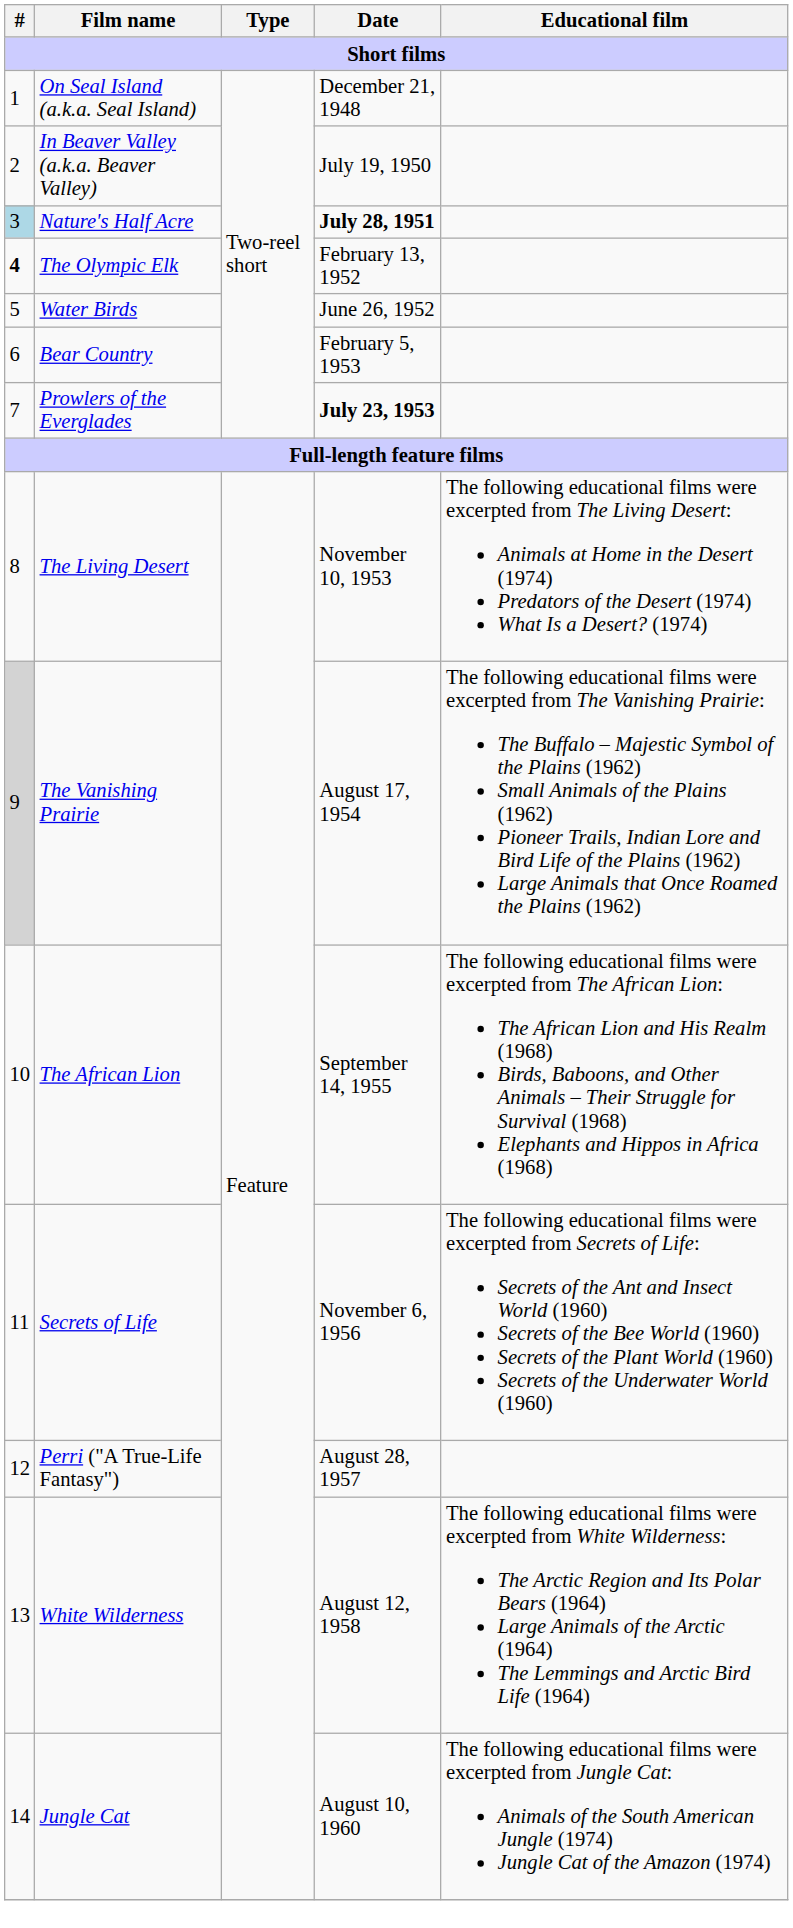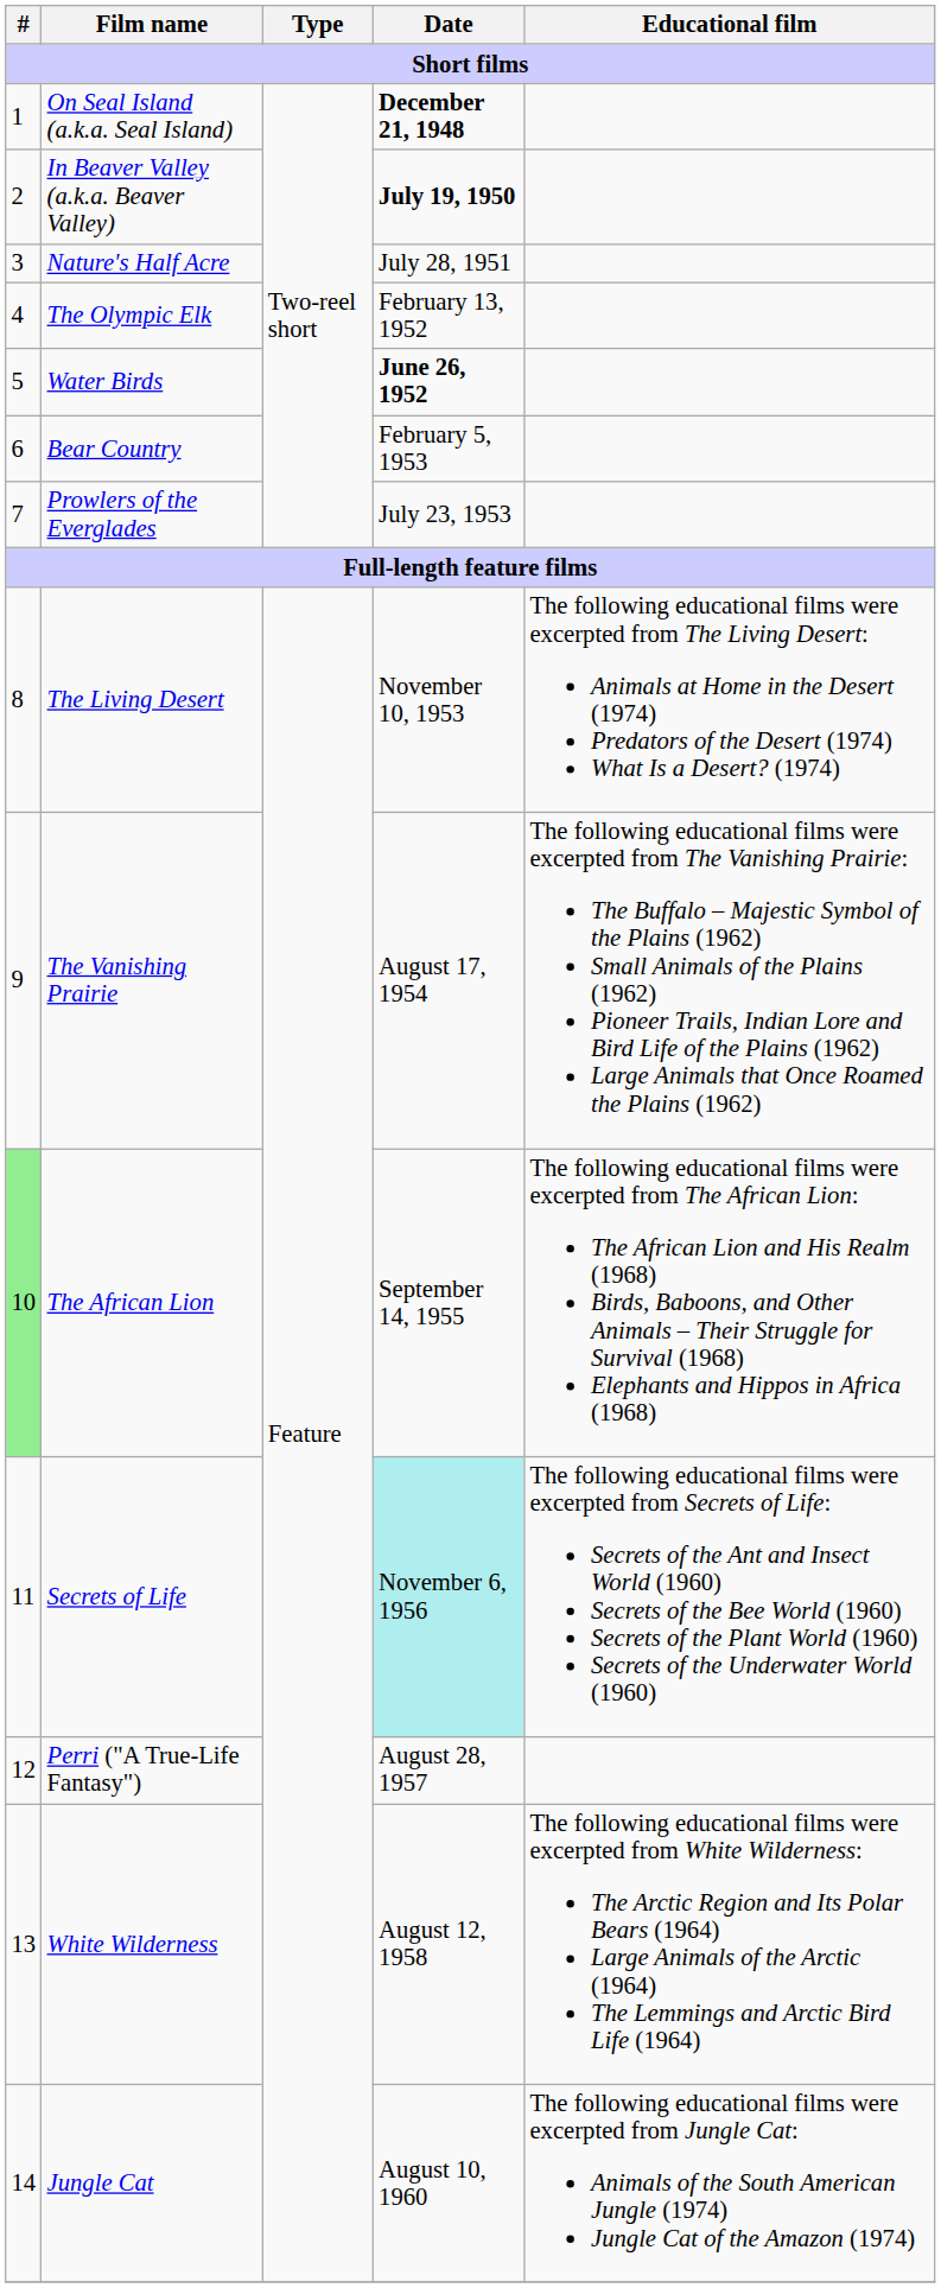 <table class="wikitable">
 <tr>
 <th>#</th>
 <th>Film name</th>
 <th>Type</th>
 <th>Date</th>
 <th>Educational film</th>
 </tr>
 <tr>
 <th colspan="5" style="width:10px; background-color:#ccccff;">Short films</th>
 </tr>
 <tr>
 <td>1</td>
 <td><em><a href='#'>On Seal Island</a> (a.k.a. Seal Island)</em></td>
 <td rowspan="7">Two-reel short</td>
-<td>December 21, 1948</td>
+<td><strong>December 21, 1948</strong></td>
 <td></td>
 </tr>
 <tr>
 <td>2</td>
 <td><em><a href='#'>In Beaver Valley</a> (a.k.a. Beaver Valley)</em></td>
-<td>July 19, 1950</td>
+<td><strong>July 19, 1950</strong></td>
 <td></td>
 </tr>
 <tr>
-<td style="background: lightblue;">3</td>
+<td>3</td>
 <td><em><a href='#'>Nature's Half Acre</a></em></td>
-<td><strong>July 28, 1951</strong></td>
+<td>July 28, 1951</td>
 <td></td>
 </tr>
 <tr>
-<td><strong>4</strong></td>
+<td>4</td>
 <td><em><a href='#'>The Olympic Elk</a></em></td>
 <td>February 13, 1952</td>
 <td></td>
 </tr>
 <tr>
 <td>5</td>
 <td><em><a href='#'>Water Birds</a></em></td>
-<td>June 26, 1952</td>
+<td><strong>June 26, 1952</strong></td>
 <td></td>
 </tr>
 <tr>
 <td>6</td>
 <td><em><a href='#'>Bear Country</a></em></td>
 <td>February 5, 1953</td>
 <td></td>
 </tr>
 <tr>
 <td>7</td>
 <td><em><a href='#'>Prowlers of the Everglades</a></em></td>
-<td><strong>July 23, 1953</strong></td>
+<td>July 23, 1953</td>
 <td></td>
 </tr>
 <tr>
 <th colspan="5" style="width:10px; background-color:#ccccff;">Full-length feature films</th>
 </tr>
 <tr>
 <td>8</td>
 <td><em><a href='#'>The Living Desert</a></em></td>
 <td rowspan="7">Feature</td>
 <td>November 10, 1953</td>
 <td>The following educational films were excerpted from <em>The Living Desert</em>:<br><ul><li><em>Animals at Home in the Desert</em> (1974)</li><li><em>Predators of the Desert</em> (1974)</li><li><em>What Is a Desert?</em> (1974)</li></ul></td>
 </tr>
 <tr>
-<td style="background: lightgrey;">9</td>
+<td>9</td>
 <td><em><a href='#'>The Vanishing Prairie</a></em></td>
 <td>August 17, 1954</td>
 <td>The following educational films were excerpted from <em>The Vanishing Prairie</em>:<br><ul><li><em>The Buffalo – Majestic Symbol of the Plains</em> (1962)</li><li><em>Small Animals of the Plains</em> (1962)</li><li><em>Pioneer Trails, Indian Lore and Bird Life of the Plains</em> (1962)</li><li><em>Large Animals that Once Roamed the Plains</em> (1962)</li></ul></td>
 </tr>
 <tr>
-<td>10</td>
+<td style="background: lightgreen;">10</td>
 <td><em><a href='#'>The African Lion</a></em></td>
 <td>September 14, 1955</td>
 <td>The following educational films were excerpted from <em>The African Lion</em>:<br><ul><li><em>The African Lion and His Realm</em> (1968)</li><li><em>Birds, Baboons, and Other Animals – Their Struggle for Survival</em> (1968)</li><li><em>Elephants and Hippos in Africa</em> (1968)</li></ul></td>
 </tr>
 <tr>
 <td>11</td>
 <td><em><a href='#'>Secrets of Life</a></em></td>
-<td>November 6, 1956</td>
+<td style="background: paleturquoise;">November 6, 1956</td>
 <td>The following educational films were excerpted from <em>Secrets of Life</em>:<br><ul><li><em>Secrets of the Ant and Insect World</em> (1960)</li><li><em>Secrets of the Bee World</em> (1960)</li><li><em>Secrets of the Plant World</em> (1960)</li><li><em>Secrets of the Underwater World</em> (1960)</li></ul></td>
 </tr>
 <tr>
 <td>12</td>
 <td><em><a href='#'>Perri</a></em> ("A True-Life Fantasy")</td>
 <td>August 28, 1957</td>
 <td></td>
 </tr>
 <tr>
 <td>13</td>
 <td><em><a href='#'>White Wilderness</a></em></td>
 <td>August 12, 1958</td>
 <td>The following educational films were excerpted from <em>White Wilderness</em>:<br><ul><li><em>The Arctic Region and Its Polar Bears</em> (1964)</li><li><em>Large Animals of the Arctic</em> (1964)</li><li><em>The Lemmings and Arctic Bird Life</em> (1964)</li></ul></td>
 </tr>
 <tr>
 <td>14</td>
 <td><em><a href='#'>Jungle Cat</a></em></td>
 <td>August 10, 1960</td>
 <td>The following educational films were excerpted from <em>Jungle Cat</em>:<br><ul><li><em>Animals of the South American Jungle</em> (1974)</li><li><em>Jungle Cat of the Amazon</em> (1974)</li></ul></td>
 </tr>
 <tr>
 </tr>
 </table>
